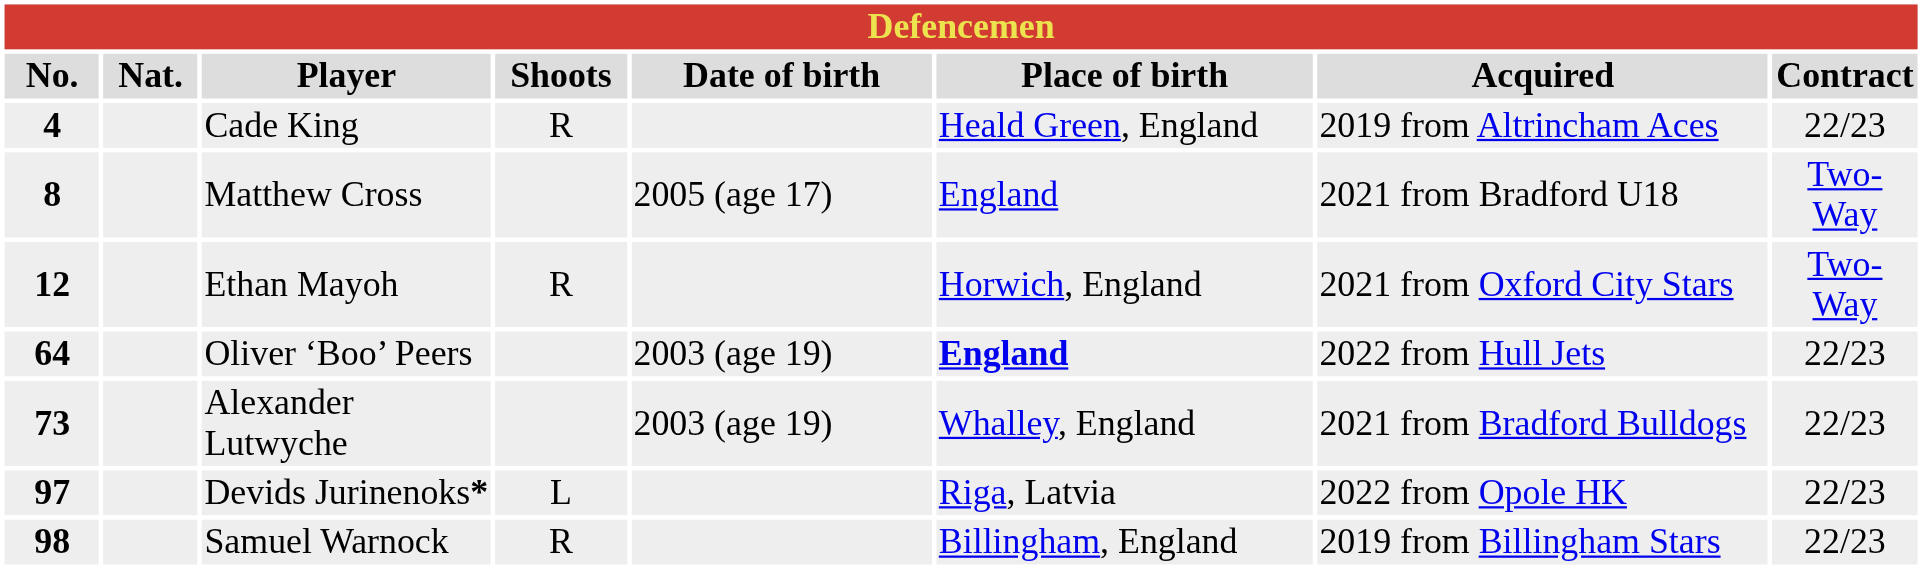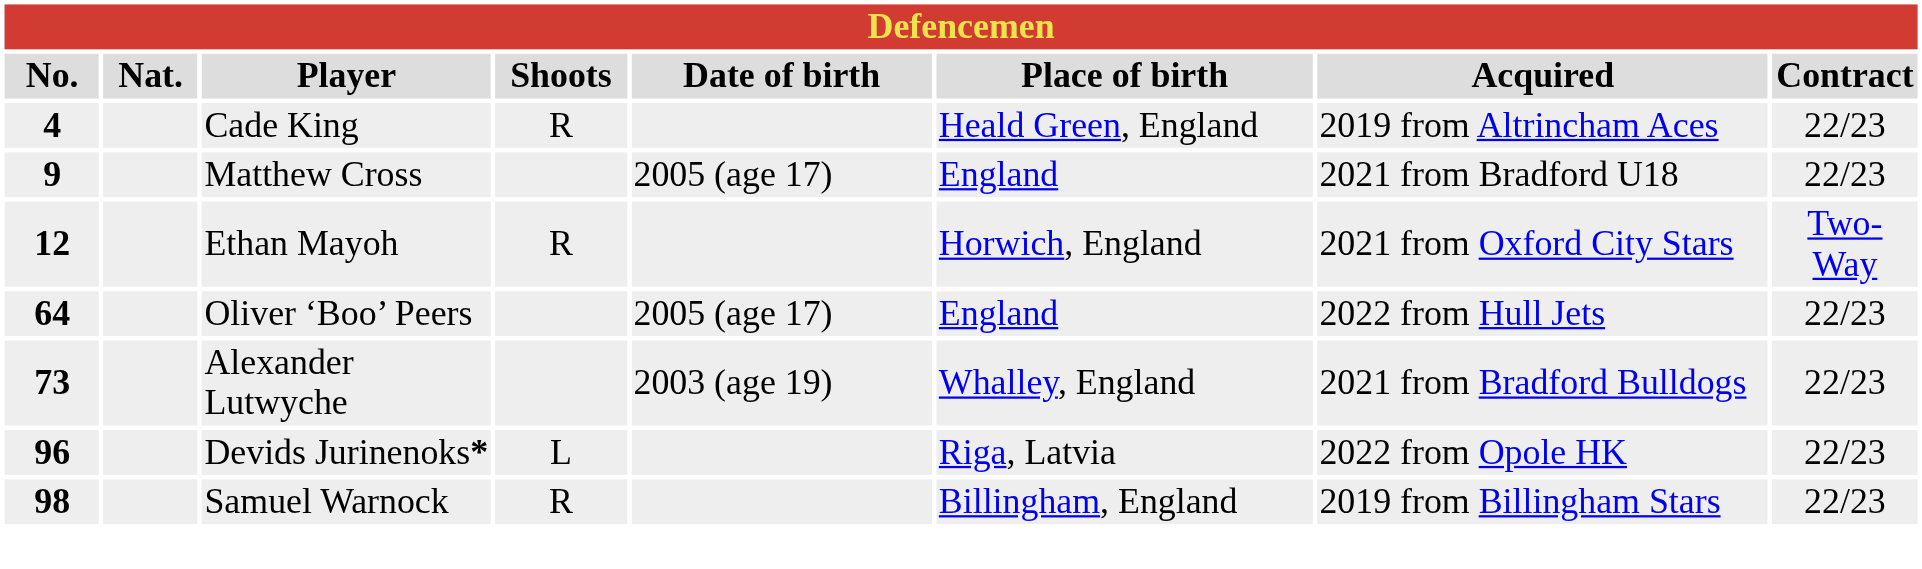 <table class="toccolours"  style="width:97%; clear:both; margin:1.5em auto; text-align:center;">
 <tr style="background:#ddd;">
 <th colspan="11" style="background:#d23b32; color:#ede34f;”">Defencemen</th>
 </tr>
 <tr style="background:#ddd;">
 <th width=5%>No.</th>
 <th width=5%>Nat.</th>
 <th !width=22%>Player</th>
 <th width=7%>Shoots</th>
 <th width=16%>Date of birth</th>
 <th width=20%>Place of birth</th>
 <th width=24%>Acquired</th>
 <td><strong>Contract</strong></td>
 </tr>
 <tr style="background:#eee;">
 <td><strong>4</strong></td>
 <td></td>
 <td align=left>Cade King</td>
 <td>R</td>
 <td align=left></td>
 <td align=left><a href='#'>Heald Green</a>, England</td>
 <td align=left>2019 from <a href='#'>Altrincham Aces</a></td>
 <td>22/23</td>
 </tr>
 <tr style="background:#eee;">
-<td><strong>8</strong></td>
+<td><strong>9</strong></td>
 <td></td>
 <td align=left>Matthew Cross</td>
 <td></td>
 <td align=left>2005 (age 17)</td>
 <td align=left><a href='#'>England</a></td>
 <td align=left>2021 from Bradford U18</td>
-<td><a href='#'>Two-Way</a></td>
+<td>22/23</td>
 </tr>
 <tr style="background:#eee;">
 <td><strong>12</strong></td>
 <td></td>
 <td align=left>Ethan Mayoh</td>
 <td>R</td>
 <td align=left></td>
 <td align=left><a href='#'>Horwich</a>, England</td>
 <td align=left>2021 from <a href='#'>Oxford City Stars</a></td>
 <td><a href='#'>Two-Way</a></td>
 </tr>
 <tr style="background:#eee;">
 <td><strong>64</strong></td>
 <td></td>
 <td align=left>Oliver ‘Boo’ Peers</td>
 <td></td>
-<td align=left>2003 (age 19)</td>
-<td align=left><strong><a href='#'>England</a></strong></td>
+<td align=left>2005 (age 17)</td>
+<td align=left><a href='#'>England</a></td>
 <td align=left>2022 from <a href='#'>Hull Jets</a></td>
 <td>22/23</td>
 </tr>
 <tr style="background:#eee;">
 <td><strong>73</strong></td>
 <td></td>
 <td align=left>Alexander Lutwyche</td>
 <td></td>
 <td align=left>2003 (age 19)</td>
 <td align=left><a href='#'>Whalley</a>, England</td>
 <td align=left>2021 from <a href='#'>Bradford Bulldogs</a></td>
 <td>22/23</td>
 </tr>
 <tr style="background:#eee;">
-<td><strong>97</strong></td>
+<td><strong>96</strong></td>
 <td></td>
 <td align=left>Devids Jurinenoks<strong>*</strong></td>
 <td>L</td>
 <td align=left></td>
 <td align=left><a href='#'>Riga</a>, Latvia</td>
 <td align=left>2022 from <a href='#'>Opole HK</a></td>
 <td>22/23</td>
 </tr>
 <tr style="background:#eee;">
 <td><strong>98</strong></td>
 <td></td>
 <td align=left>Samuel Warnock</td>
 <td>R</td>
 <td align=left></td>
 <td align=left><a href='#'>Billingham</a>, England</td>
 <td align=left>2019 from <a href='#'>Billingham Stars</a></td>
 <td>22/23</td>
 </tr>
 </table>
